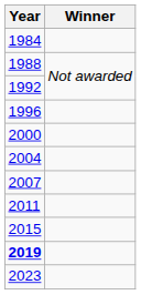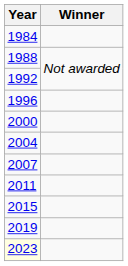 <table class="wikitable sortable">
 <tr>
 <th>Year</th>
 <th>Winner</th>
 </tr>
 <tr>
 <td><a href='#'>1984</a></td>
 <td></td>
 </tr>
 <tr>
 <td><a href='#'>1988</a></td>
 <td rowspan=2><em>Not awarded</em></td>
 </tr>
 <tr>
 <td><a href='#'>1992</a></td>
 </tr>
 <tr>
 <td><a href='#'>1996</a></td>
 <td></td>
 </tr>
 <tr>
 <td><a href='#'>2000</a></td>
 <td></td>
 </tr>
 <tr>
 <td><a href='#'>2004</a></td>
 <td></td>
 </tr>
 <tr>
 <td><a href='#'>2007</a></td>
 <td></td>
 </tr>
 <tr>
 <td><a href='#'>2011</a></td>
 <td></td>
 </tr>
 <tr>
 <td><a href='#'>2015</a></td>
 <td></td>
 </tr>
 <tr>
-<td><strong><a href='#'>2019</a></strong></td>
+<td><a href='#'>2019</a></td>
 <td></td>
 </tr>
 <tr>
-<td><a href='#'>2023</a></td>
+<td style="background: lightyellow;"><a href='#'>2023</a></td>
 <td></td>
 </tr>
 </table>
